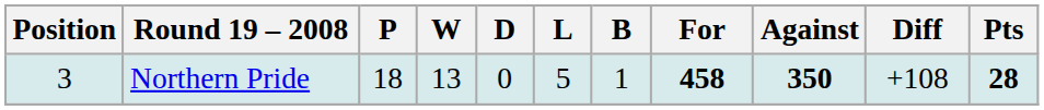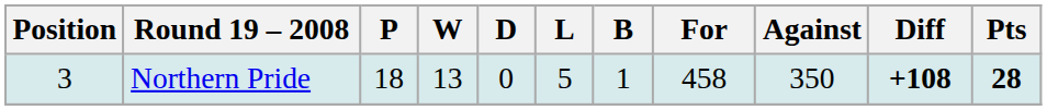 <table class="wikitable" style="text-align:center; font-size:85%;">
 <tr>
 <th width=40 abbr="Position">Position</th>
 <th width=100>Round 19 – 2008</th>
 <th width=20 abbr="Played">P</th>
 <th width=20 abbr="Won">W</th>
 <th width=20 abbr="Drawn">D</th>
 <th width=20 abbr="Lost">L</th>
 <th width=20 abbr="Bye">B</th>
 <th width=40 abbr="Points for">For</th>
 <th width=40 abbr="Points against">Against</th>
 <th width=40 abbr="Points difference">Diff</th>
 <th width=25 abbr="Points">Pts</th>
 </tr>
 <tr style="background: #d7ebed;">
 <td>3</td>
 <td style="text-align:left;"> <a href='#'>Northern Pride</a></td>
 <td>18</td>
 <td>13</td>
 <td>0</td>
 <td>5</td>
 <td>1</td>
-<td><strong>458</strong></td>
-<td><strong>350</strong></td>
-<td>+108</td>
+<td>458</td>
+<td>350</td>
+<td><strong>+108</strong></td>
 <td><strong>28</strong></td>
 </tr>
 <tr>
 </tr>
 </table>
